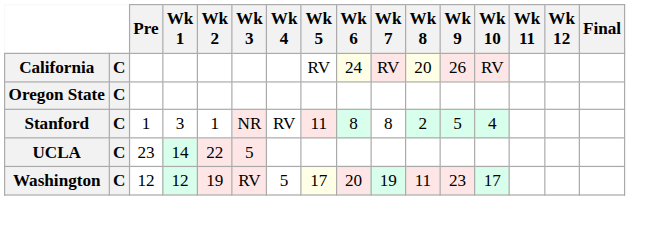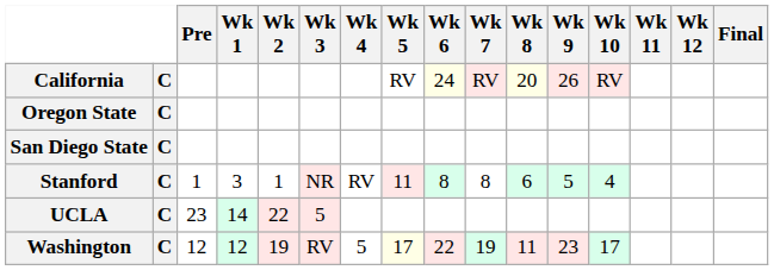 <table class="wikitable" style="white-space:nowrap;font-size:90%;">
 <tr>
 <th colspan=2 style="background:white; border-top-style:hidden; border-left-style:hidden;"> </th>
 <th>Pre</th>
 <th>Wk<br>1</th>
 <th>Wk<br>2</th>
 <th>Wk<br>3</th>
 <th>Wk<br>4</th>
 <th>Wk<br>5</th>
 <th>Wk<br>6</th>
 <th>Wk<br>7</th>
 <th>Wk<br>8</th>
 <th>Wk<br>9</th>
 <th>Wk<br>10</th>
 <th>Wk<br>11</th>
 <th>Wk<br>12</th>
 <th>Final</th>
 </tr>
 <tr style="text-align:center;">
 <th>California</th>
 <th>C</th>
 <td style="background:#FFF;"></td>
 <td style="background:#FFF;"></td>
 <td style="background:#FFF;"></td>
 <td style="background:#FFF;"></td>
 <td style="background:#FFF;"></td>
 <td style="background:#FFF;"> RV</td>
 <td style="background:#FFFFE6;"> 24</td>
 <td style="background:#FFE6E6;"> RV</td>
 <td style="background:#FFFFE6;"> 20</td>
 <td style="background:#FFE6E6;"> 26</td>
 <td style="background:#FFE6E6;"> RV</td>
 <td style="background:#FFF;"></td>
 <td style="background:#FFF;"></td>
 <td style="background:#FFF;"></td>
 </tr>
 <tr style="text-align:center;">
 <th>Oregon State</th>
 <th>C</th>
 <td style="background:#FFF;"></td>
 <td style="background:#FFF;"></td>
 <td style="background:#FFF;"></td>
 <td style="background:#FFF;"></td>
 <td style="background:#FFF;"></td>
 <td style="background:#FFF;"></td>
 <td style="background:#FFF;"></td>
 <td style="background:#FFF;"></td>
 <td style="background:#FFF;"></td>
 <td style="background:#FFF;"></td>
 <td style="background:#FFF;"></td>
 <td style="background:#FFF;"></td>
 <td style="background:#FFF;"></td>
 <td style="background:#FFF;"></td>
 </tr>
 <tr style="text-align:center;">
+<th>San Diego State</th>
+<th>C</th>
+<td style="background:#FFF;"></td>
+<td style="background:#FFF;"></td>
+<td style="background:#FFF;"></td>
+<td style="background:#FFF;"></td>
+<td style="background:#FFF;"></td>
+<td style="background:#FFF;"></td>
+<td style="background:#FFF;"></td>
+<td style="background:#FFF;"></td>
+<td style="background:#FFF;"></td>
+<td style="background:#FFF;"></td>
+<td style="background:#FFF;"></td>
+<td style="background:#FFF;"></td>
+<td style="background:#FFF;"></td>
+<td style="background:#FFF;"></td>
+</tr>
+<tr style="text-align:center;">
 <th>Stanford</th>
 <th>C</th>
 <td style="background:#FFF;"> 1</td>
 <td style="background:#FFF;"> 3</td>
 <td style="background:#FFF;"> 1</td>
 <td style="background:#FFE6E6;"> NR</td>
 <td style="background:#FFF;"> RV</td>
 <td style="background:#FFE6E6;"> 11</td>
 <td style="background:#D8FFEB;"> 8</td>
 <td style="background:#FFF;"> 8</td>
-<td style="background:#D8FFEB;"> 2</td>
+<td style="background:#D8FFEB;"> 6</td>
 <td style="background:#D8FFEB;"> 5</td>
 <td style="background:#D8FFEB;"> 4</td>
 <td style="background:#FFF;"></td>
 <td style="background:#FFF;"></td>
 <td style="background:#FFF;"></td>
 </tr>
 <tr style="text-align:center;">
 <th>UCLA</th>
 <th>C</th>
 <td style="background:#FFF;"> 23</td>
 <td style="background:#D8FFEB;"> 14</td>
 <td style="background:#FFE6E6;"> 22</td>
 <td style="background:#FFE6E6;"> 5</td>
 <td style="background:#FFF;"></td>
 <td style="background:#FFF;"></td>
 <td style="background:#FFF;"></td>
 <td style="background:#FFF;"></td>
 <td style="background:#FFF;"></td>
 <td style="background:#FFF;"></td>
 <td style="background:#FFF;"></td>
 <td style="background:#FFF;"></td>
 <td style="background:#FFF;"></td>
 <td style="background:#FFF;"></td>
 </tr>
 <tr style="text-align:center;">
 <th>Washington</th>
 <th>C</th>
 <td style="background:#FFF;"> 12</td>
 <td style="background:#D8FFEB;"> 12</td>
 <td style="background:#FFE6E6;"> 19</td>
 <td style="background:#FFE6E6;"> RV</td>
 <td style="background:#FFF;"> 5</td>
 <td style="background:#FFFFE6;"> 17</td>
-<td style="background:#FFE6E6;"> 20</td>
+<td style="background:#FFE6E6;"> 22</td>
 <td style="background:#D8FFEB;"> 19</td>
 <td style="background:#FFE6E6;"> 11</td>
 <td style="background:#FFE6E6;"> 23</td>
 <td style="background:#D8FFEB;"> 17</td>
 <td style="background:#FFF;"></td>
 <td style="background:#FFF;"></td>
 <td style="background:#FFF;"></td>
 </tr>
 </table>
